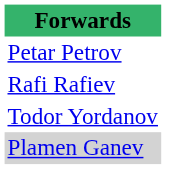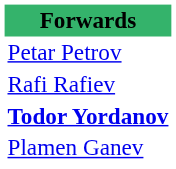 <table class="toccolours" border="0" cellpadding="2" cellspacing="0" align=left style="margin:0.5em;">
 <tr>
 <th colspan="4" align="center" bgcolor="#34B36B"><span>Forwards</span></th>
 </tr>
 <tr>
 <td> <a href='#'>Petar Petrov</a></td>
 </tr>
 <tr>
 <td> <a href='#'>Rafi Rafiev</a></td>
 </tr>
 <tr>
-<td> <a href='#'>Todor Yordanov</a></td>
+<td><strong> <a href='#'>Todor Yordanov</a></strong></td>
 </tr>
 <tr>
-<td style="background: lightgrey;"> <a href='#'>Plamen Ganev</a></td>
+<td> <a href='#'>Plamen Ganev</a></td>
 </tr>
 <tr>
 </tr>
 </table>
